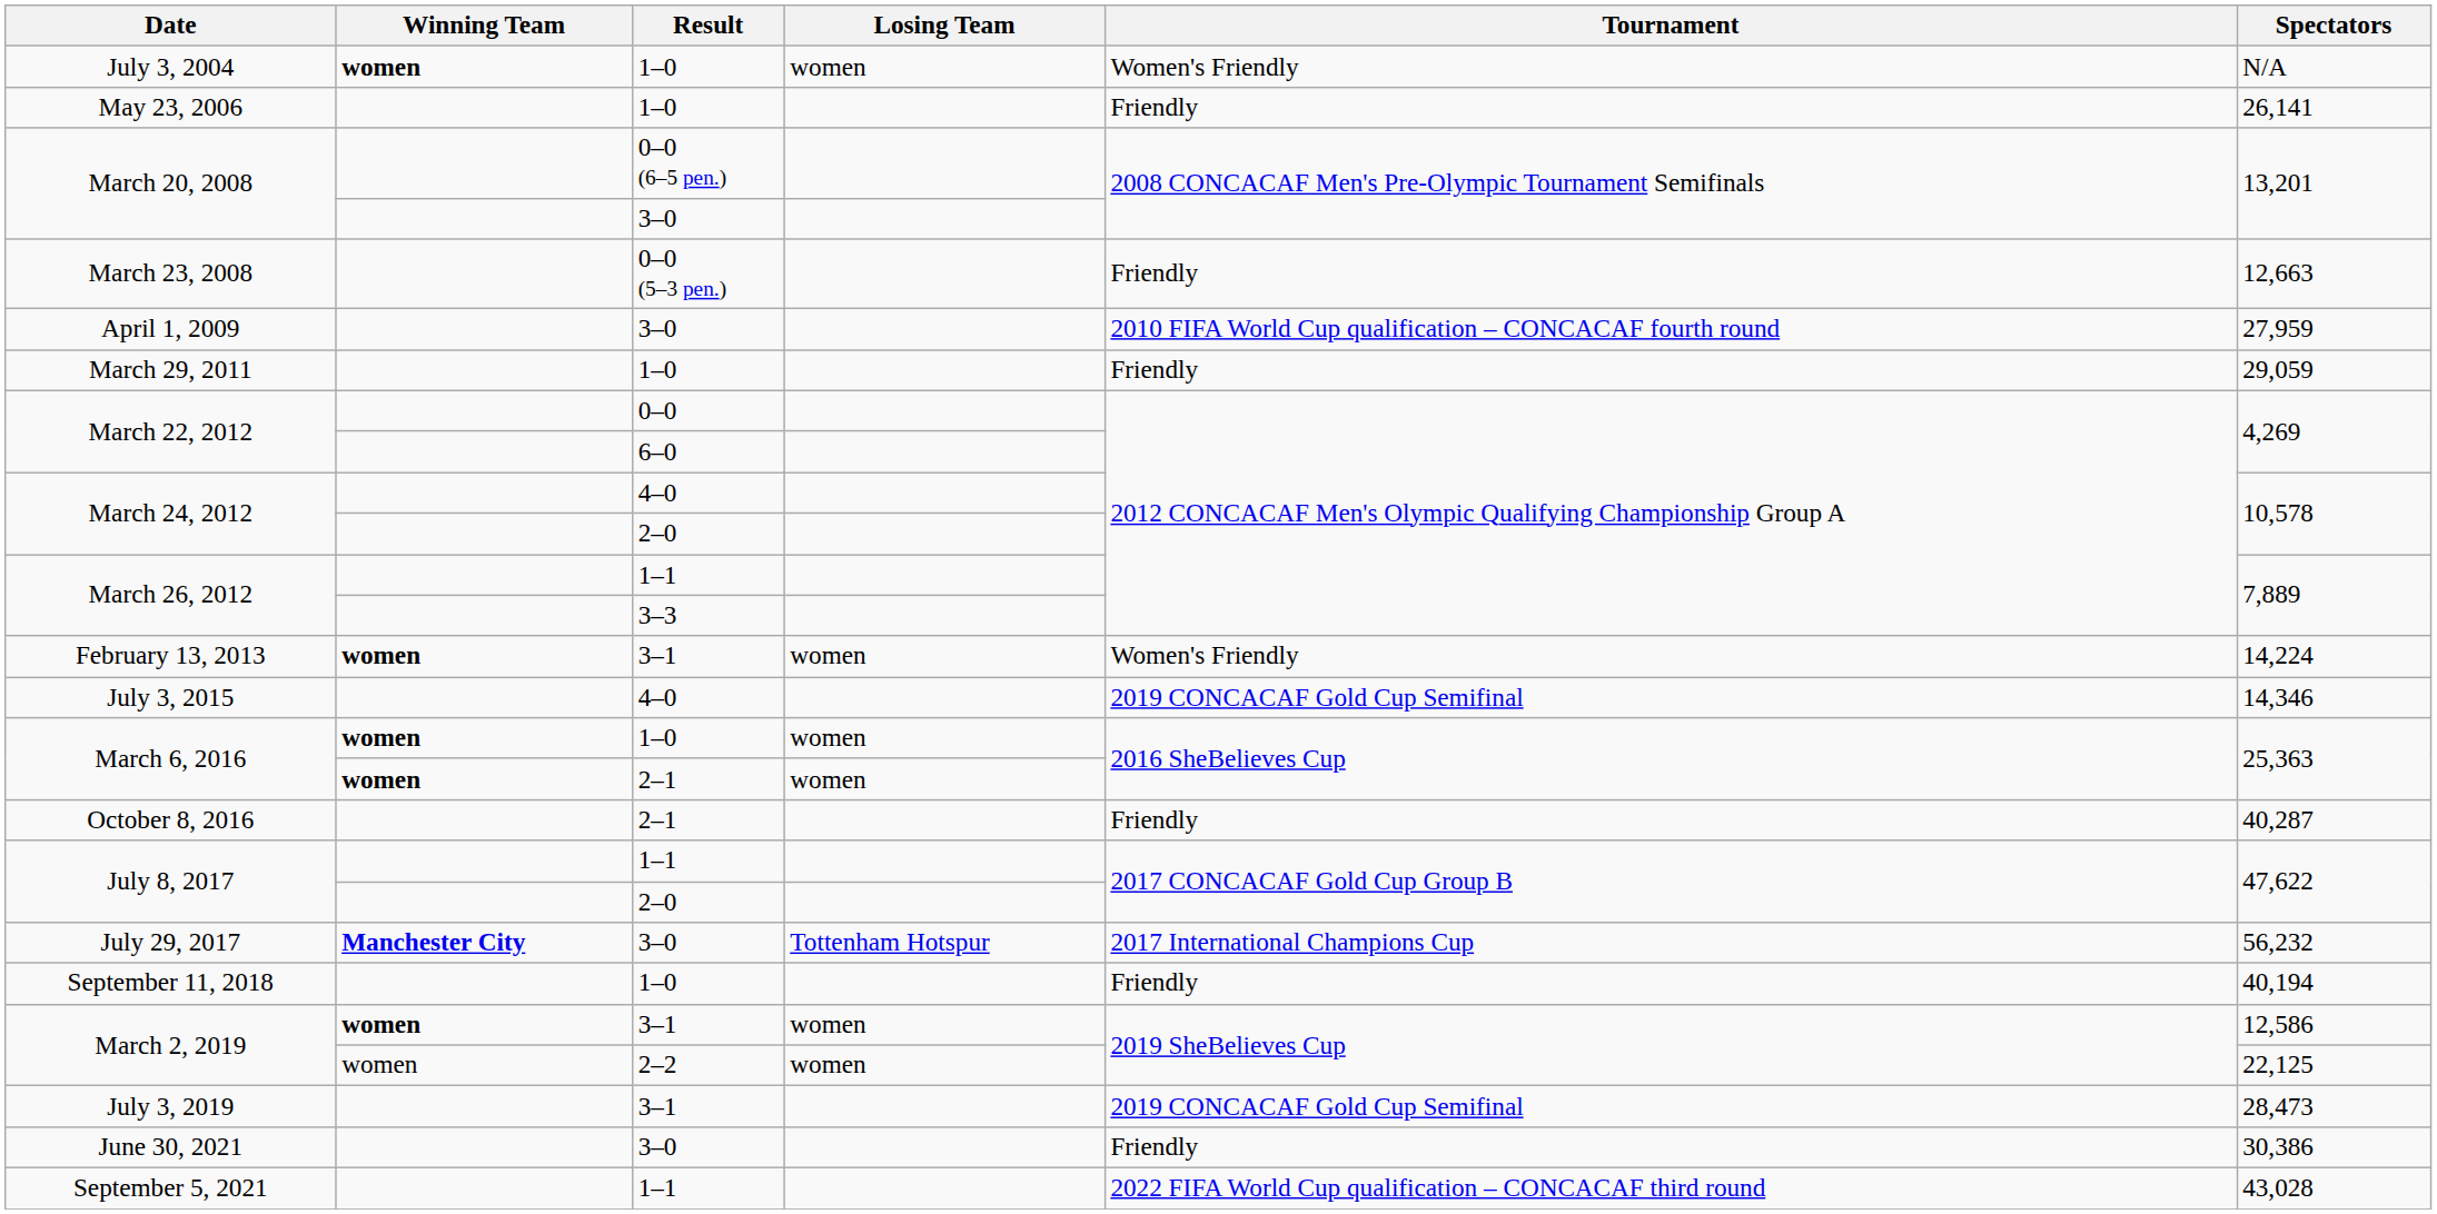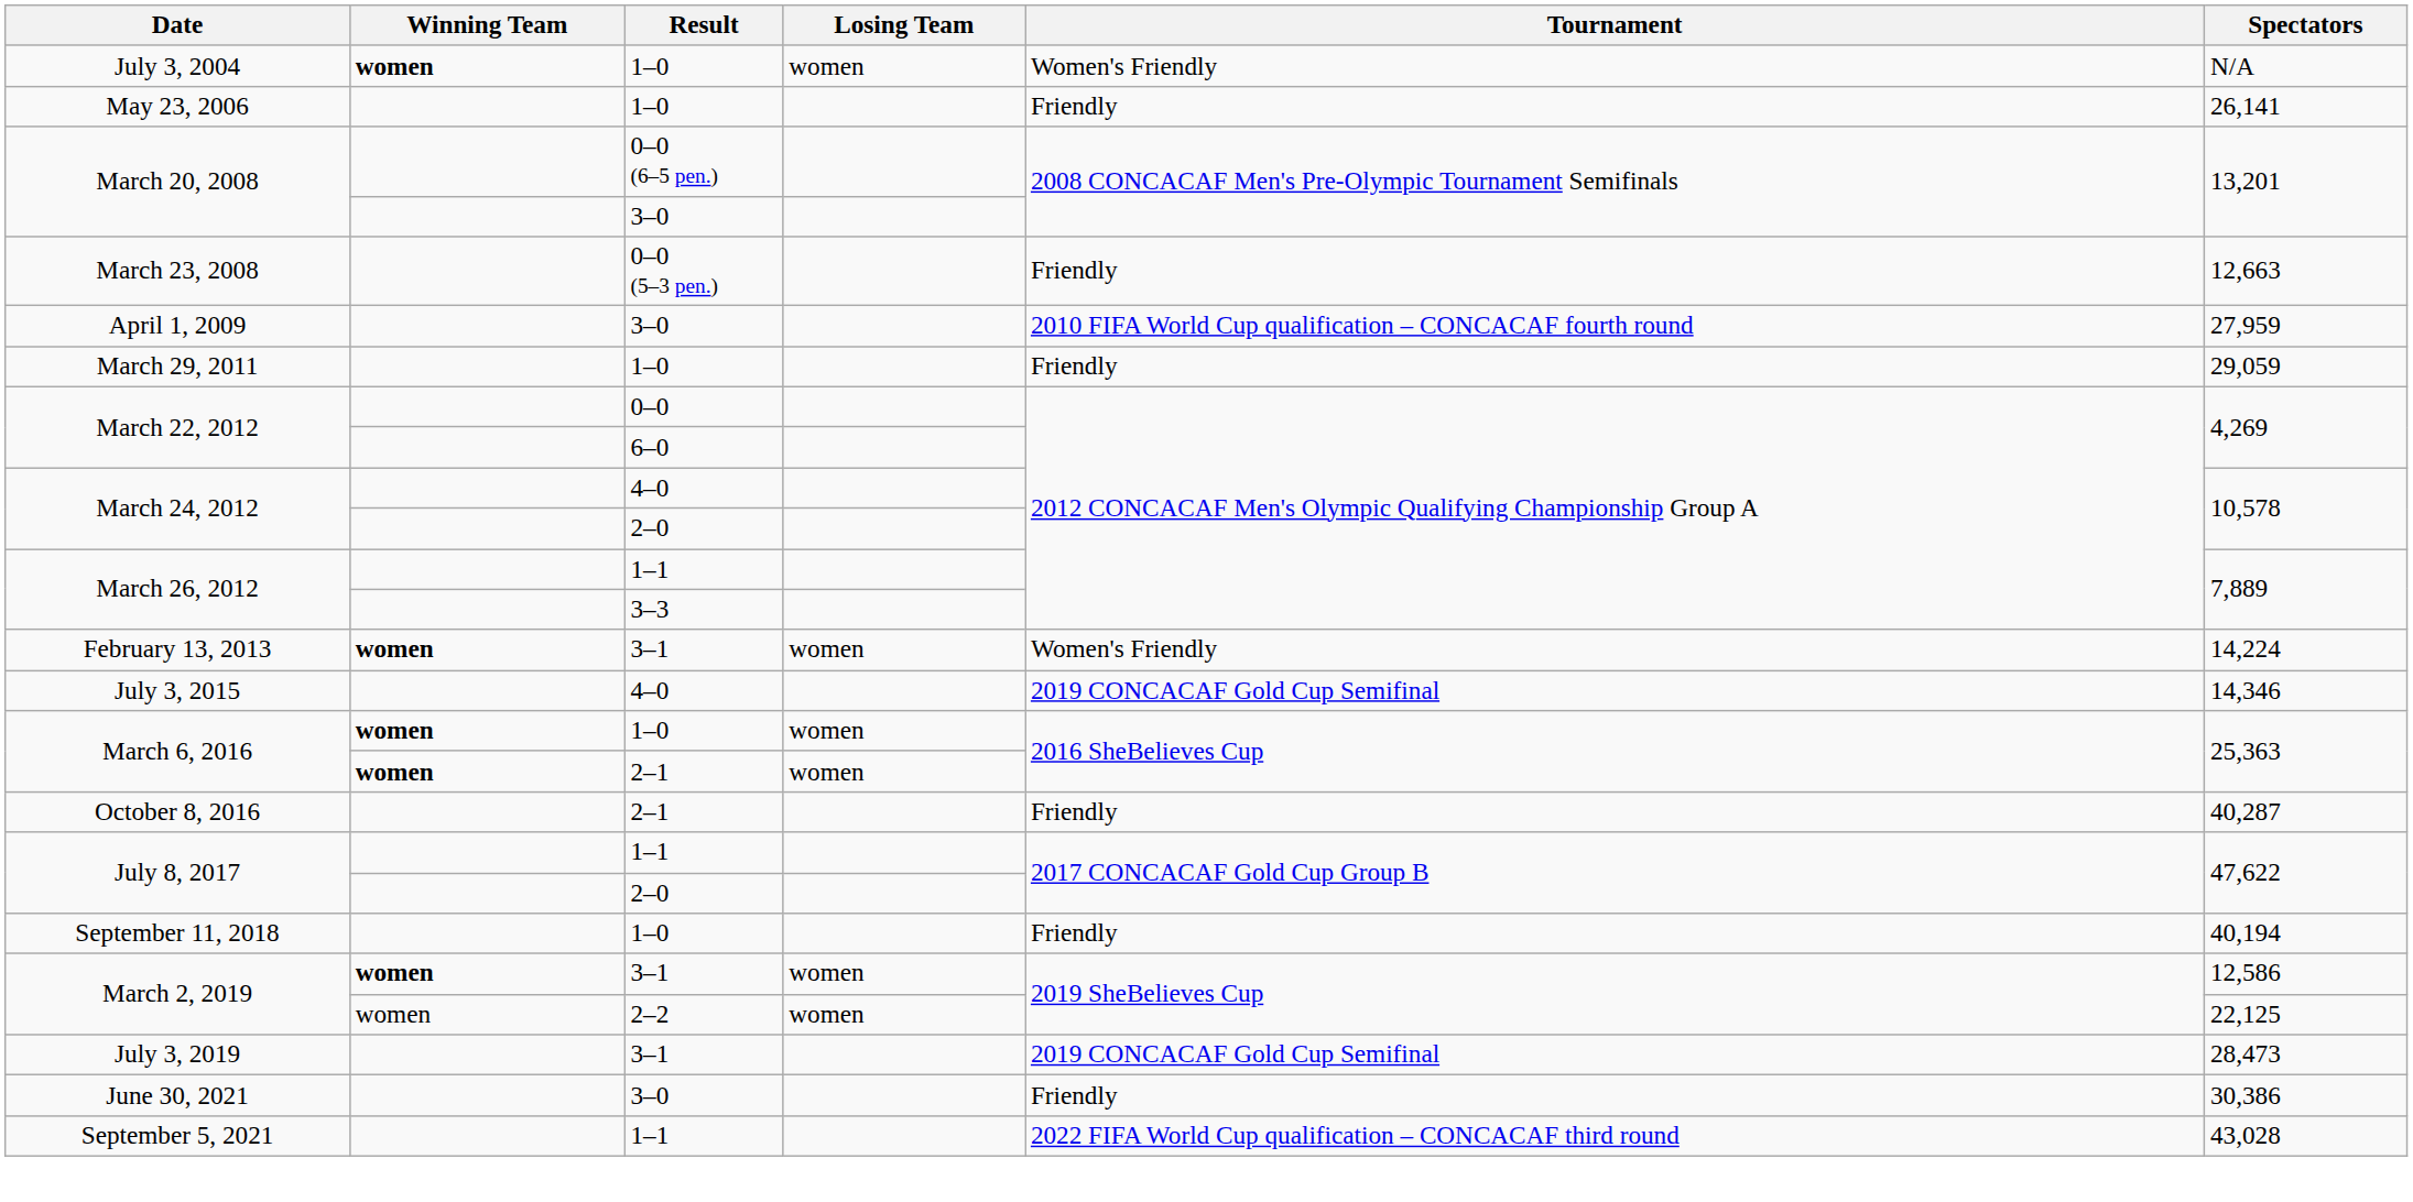 <table class="wikitable" style="text-align:left; width:95%;" style="text-align:center">
 <tr>
 <th style="text-align:center; ">Date</th>
 <th style="text-align:center; ">Winning Team</th>
 <th style="text-align:center; ">Result</th>
 <th style="text-align:center; ">Losing Team</th>
 <th style="text-align:center; ">Tournament</th>
 <th style="text-align:center; ">Spectators</th>
 </tr>
 <tr>
 <td style="text-align:center;">July 3, 2004</td>
 <td><strong> women</strong></td>
 <td>1–0</td>
 <td> women</td>
 <td>Women's Friendly</td>
 <td>N/A</td>
 </tr>
 <tr>
 <td style="text-align:center;">May 23, 2006</td>
 <td><strong></strong></td>
 <td>1–0</td>
 <td></td>
 <td>Friendly</td>
 <td>26,141</td>
 </tr>
 <tr>
 <td style="text-align:center;" rowspan=2>March 20, 2008</td>
 <td></td>
 <td>0–0<br> <small>(6–5 <a href='#'>pen.</a>)</small></td>
 <td></td>
 <td rowspan=2><a href='#'>2008 CONCACAF Men's Pre-Olympic Tournament</a> Semifinals</td>
 <td rowspan=2>13,201</td>
 </tr>
 <tr>
 <td><strong></strong></td>
 <td>3–0</td>
 <td></td>
 </tr>
 <tr>
 <td style="text-align:center;">March 23, 2008</td>
 <td><strong></strong></td>
 <td>0–0<br> <small>(5–3 <a href='#'>pen.</a>)</small></td>
 <td></td>
 <td>Friendly</td>
 <td>12,663</td>
 </tr>
 <tr>
 <td style="text-align:center;">April 1, 2009</td>
 <td><strong></strong></td>
 <td>3–0</td>
 <td></td>
 <td><a href='#'>2010 FIFA World Cup qualification – CONCACAF fourth round</a></td>
 <td>27,959</td>
 </tr>
 <tr>
 <td style="text-align:center;">March 29, 2011</td>
 <td><strong></strong></td>
 <td>1–0</td>
 <td></td>
 <td>Friendly</td>
 <td>29,059</td>
 </tr>
 <tr>
 <td style="text-align:center;" rowspan=2>March 22, 2012</td>
 <td></td>
 <td>0–0</td>
 <td></td>
 <td rowspan=6><a href='#'>2012 CONCACAF Men's Olympic Qualifying Championship</a> Group A</td>
 <td rowspan=2>4,269</td>
 </tr>
 <tr>
 <td><strong></strong></td>
 <td>6–0</td>
 <td></td>
 </tr>
 <tr>
 <td style="text-align:center;" rowspan=2>March 24, 2012</td>
 <td><strong></strong></td>
 <td>4–0</td>
 <td></td>
 <td rowspan=2>10,578</td>
 </tr>
 <tr>
 <td><strong></strong></td>
 <td>2–0</td>
 <td></td>
 </tr>
 <tr>
 <td style="text-align:center;" rowspan=2>March 26, 2012</td>
 <td></td>
 <td>1–1</td>
 <td></td>
 <td rowspan=2>7,889</td>
 </tr>
 <tr>
 <td></td>
 <td>3–3</td>
 <td></td>
 </tr>
 <tr>
 <td style="text-align:center;">February 13, 2013</td>
 <td><strong> women</strong></td>
 <td>3–1</td>
 <td> women</td>
 <td>Women's Friendly</td>
 <td>14,224</td>
 </tr>
 <tr>
 <td style="text-align:center;">July 3, 2015</td>
 <td><strong></strong></td>
 <td>4–0</td>
 <td></td>
 <td><a href='#'>2019 CONCACAF Gold Cup Semifinal</a></td>
 <td>14,346</td>
 </tr>
 <tr>
 <td style="text-align:center;" rowspan=2>March 6, 2016</td>
 <td><strong> women</strong></td>
 <td>1–0</td>
 <td> women</td>
 <td rowspan=2><a href='#'>2016 SheBelieves Cup</a></td>
 <td rowspan=2>25,363</td>
 </tr>
 <tr>
 <td><strong> women</strong></td>
 <td>2–1</td>
 <td> women</td>
 </tr>
 <tr>
 <td style="text-align:center;">October 8, 2016</td>
 <td><strong></strong></td>
 <td>2–1</td>
 <td></td>
 <td>Friendly</td>
 <td>40,287</td>
 </tr>
 <tr>
 <td style="text-align:center;" rowspan=2>July 8, 2017</td>
 <td></td>
 <td>1–1</td>
 <td></td>
 <td rowspan=2><a href='#'>2017 CONCACAF Gold Cup Group B</a></td>
 <td rowspan=2>47,622</td>
 </tr>
 <tr>
 <td><strong></strong></td>
 <td>2–0</td>
 <td></td>
 </tr>
 <tr>
-<td style="text-align:center;">July 29, 2017</td>
-<td><strong> <a href='#'>Manchester City</a></strong></td>
-<td>3–0</td>
-<td> <a href='#'>Tottenham Hotspur</a></td>
-<td><a href='#'>2017 International Champions Cup</a></td>
-<td>56,232</td>
-</tr>
-<tr>
 <td style="text-align:center;">September 11, 2018</td>
 <td><strong></strong></td>
 <td>1–0</td>
 <td></td>
 <td>Friendly</td>
 <td>40,194</td>
 </tr>
 <tr>
 <td style="text-align:center;" rowspan=2>March 2, 2019</td>
 <td><strong> women</strong></td>
 <td>3–1</td>
 <td> women</td>
 <td rowspan=2><a href='#'>2019 SheBelieves Cup</a></td>
 <td>12,586</td>
 </tr>
 <tr>
 <td> women</td>
 <td>2–2</td>
 <td> women</td>
 <td>22,125</td>
 </tr>
 <tr>
 <td style="text-align:center;">July 3, 2019</td>
 <td><strong></strong></td>
 <td>3–1</td>
 <td></td>
 <td><a href='#'>2019 CONCACAF Gold Cup Semifinal</a></td>
 <td>28,473</td>
 </tr>
 <tr>
 <td style="text-align:center;">June 30, 2021</td>
 <td><strong></strong></td>
 <td>3–0</td>
 <td></td>
 <td>Friendly</td>
 <td>30,386</td>
 </tr>
 <tr>
 <td style="text-align:center;">September 5, 2021</td>
 <td></td>
 <td>1–1</td>
 <td></td>
 <td><a href='#'>2022 FIFA World Cup qualification – CONCACAF third round</a></td>
 <td>43,028</td>
 </tr>
 </table>
